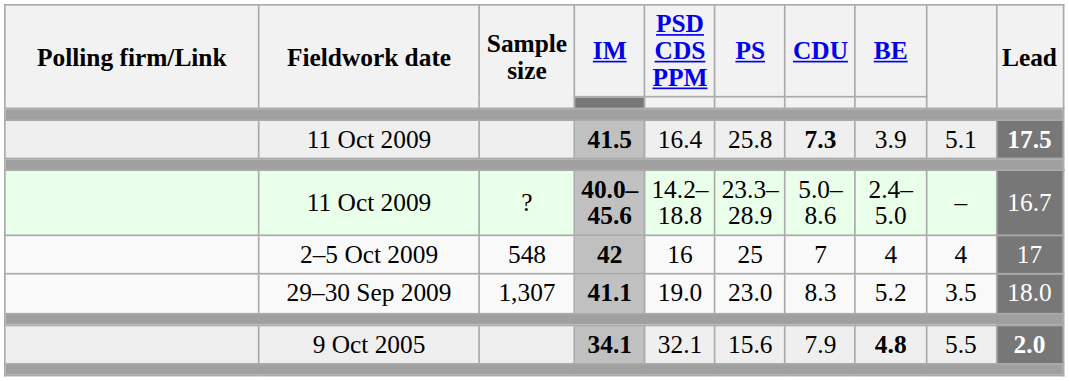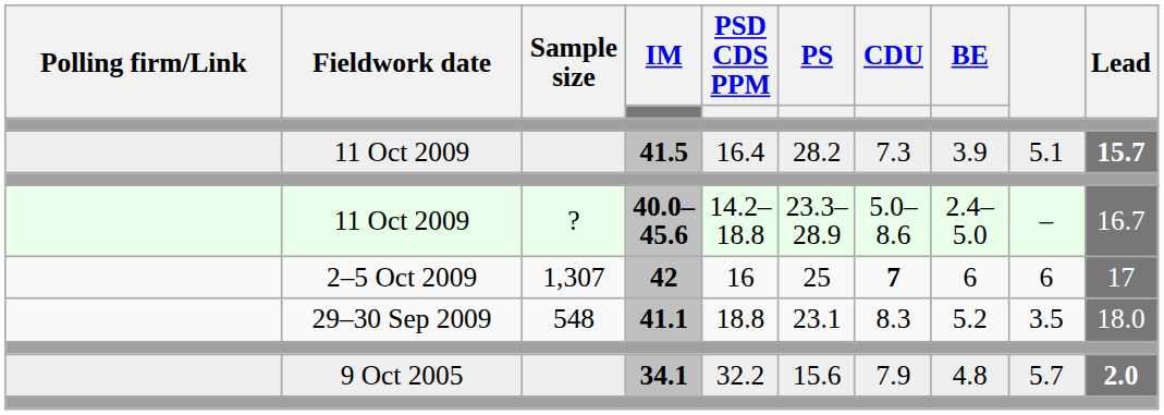 <table class="wikitable collapsible sortable" style="text-align:center; font-size:95%; line-height:16px;">
 <tr style="height:42px;">
 <th style="width:145px;" rowspan="2">Polling firm/Link</th>
 <th style="width:125px;" rowspan="2">Fieldwork date</th>
 <th class="unsortable" style="width:50px;" rowspan="2">Sample size</th>
 <th class="unsortable" style="width:35px;"><a href='#'>IM</a></th>
 <th class="unsortable" style="width:35px;"><a href='#'>PSD</a><br><a href='#'>CDS</a><br><a href='#'>PPM</a></th>
 <th class="unsortable" style="width:35px;"><a href='#'>PS</a></th>
 <th class="unsortable" style="width:35px;"><a href='#'>CDU</a></th>
 <th class="unsortable" style="width:35px;"><a href='#'>BE</a></th>
 <th class="unsortable" style="width:35px;" rowspan="2"></th>
 <th class="unsortable" style="width:30px;" rowspan="2">Lead</th>
 </tr>
 <tr>
 <th class="unsortable" style="color:inherit;background:#777777;"></th>
 <th class="unsortable" style="color:inherit;background:"></th>
 <th class="unsortable" style="color:inherit;background:"></th>
 <th class="unsortable" style="color:inherit;background:"></th>
 <th class="unsortable" style="color:inherit;background:"></th>
 </tr>
 <tr>
 <td colspan="13" style="background:#A0A0A0"></td>
 </tr>
 <tr style="background:#EFEFEF;">
 <td><strong></strong></td>
 <td data-sort-value="2019-10-06">11 Oct 2009</td>
 <td></td>
 <td style="background:#C0C0C0"><strong>41.5</strong><br></td>
 <td>16.4<br></td>
-<td>25.8<br></td>
-<td><strong>7.3<br></strong></td>
+<td>28.2<br></td>
+<td>7.3<br></td>
 <td>3.9<br></td>
 <td>5.1<br></td>
-<td style="background:#777777; color:white;"><strong>17.5</strong></td>
+<td style="background:#777777; color:white;"><strong>15.7</strong></td>
 </tr>
 <tr>
 <td colspan="13" style="background:#A0A0A0"></td>
 </tr>
 <tr>
 </tr>
 <tr style="background:#EAFFEA"|>
 <td></td>
 <td data-sort-value="2019-10-06">11 Oct 2009</td>
 <td>?</td>
 <td align="center" style="background:#C0C0C0"><strong>40.0–<br>45.6</strong></td>
 <td>14.2–<br>18.8</td>
 <td>23.3–<br>28.9</td>
 <td>5.0–<br>8.6</td>
 <td>2.4–<br>5.0</td>
 <td>–</td>
 <td style="background:#777777; color:white;">16.7</td>
 </tr>
 <tr>
 <td align="center"></td>
 <td align="center">2–5 Oct 2009</td>
-<td>548</td>
+<td>1,307</td>
 <td align="center" style="background:#C0C0C0"><strong>42</strong></td>
 <td align="center">16</td>
 <td align="center">25</td>
-<td align="center">7</td>
-<td align="center">4</td>
-<td align="center">4</td>
+<td align="center"><strong>7</strong></td>
+<td align="center">6</td>
+<td align="center">6</td>
 <td style="background:#777777; color:white;">17</td>
 </tr>
 <tr>
 <td align="center"></td>
 <td align="center">29–30 Sep 2009</td>
-<td>1,307</td>
+<td>548</td>
 <td align="center" style="background:#C0C0C0"><strong>41.1</strong></td>
-<td align="center">19.0</td>
-<td align="center">23.0</td>
+<td align="center">18.8</td>
+<td align="center">23.1</td>
 <td align="center">8.3</td>
 <td align="center">5.2</td>
 <td align="center">3.5</td>
 <td style="background:#777777; color:white;">18.0</td>
 </tr>
 <tr>
 <td colspan="13" style="background:#A0A0A0"></td>
 </tr>
 <tr style="background:#EFEFEF;">
 <td><strong></strong></td>
 <td data-sort-value="2019-10-06">9 Oct 2005</td>
 <td></td>
 <td style="background:#C0C0C0"><strong>34.1</strong><br></td>
-<td>32.1<br></td>
+<td>32.2<br></td>
 <td>15.6<br></td>
 <td>7.9<br></td>
-<td><strong>4.8<br></strong></td>
-<td>5.5<br></td>
+<td>4.8<br></td>
+<td>5.7<br></td>
 <td style="background:#777777; color:white;"><strong>2.0</strong></td>
 </tr>
 <tr>
 <td colspan="13" style="background:#A0A0A0"></td>
 </tr>
 </table>
